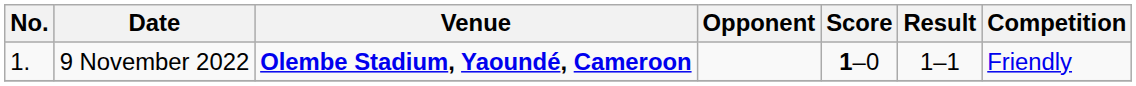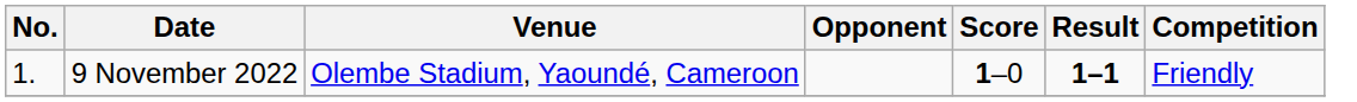 <table class="wikitable">
 <tr>
 <th>No.</th>
 <th>Date</th>
 <th>Venue</th>
 <th>Opponent</th>
 <th>Score</th>
 <th>Result</th>
 <th>Competition</th>
 </tr>
 <tr>
 <td>1.</td>
 <td>9 November 2022</td>
-<td><strong><a href='#'>Olembe Stadium</a>, <a href='#'>Yaoundé</a>, <a href='#'>Cameroon</a></strong></td>
+<td><a href='#'>Olembe Stadium</a>, <a href='#'>Yaoundé</a>, <a href='#'>Cameroon</a></td>
 <td></td>
 <td align=center><strong>1</strong>–0</td>
-<td align=center>1–1</td>
+<td align=center><strong>1–1</strong></td>
 <td><a href='#'>Friendly</a></td>
 </tr>
 <tr>
 </tr>
 </table>
